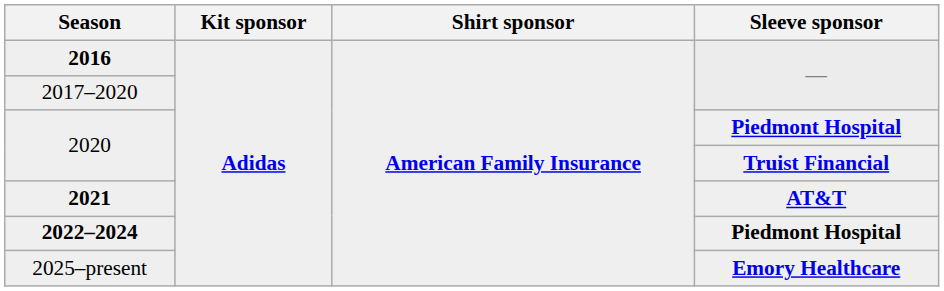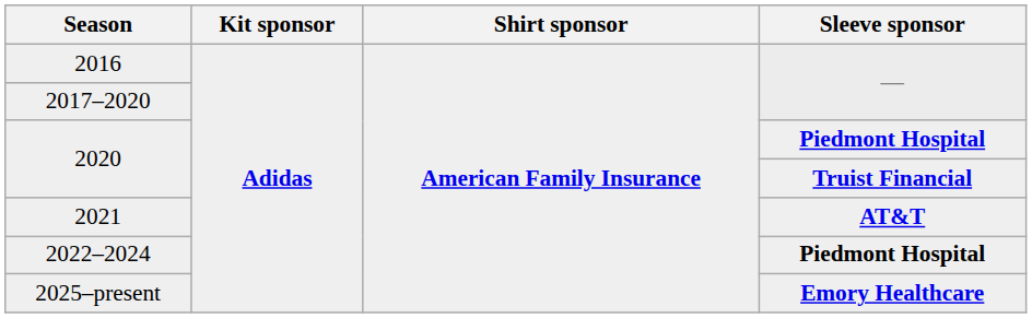 <table class="wikitable" mw-collapsible mw-collapsed" border="1" width="50%" cellpadding="2" cellspacing="0" border=" 1px solid" style="background: #efefef; border-collapse: collapse; font-size: 90%; text-align: center">
 <tr>
 <th>Season</th>
 <th>Kit sponsor</th>
 <th>Shirt sponsor</th>
 <th>Sleeve sponsor</th>
 </tr>
 <tr>
-<td><strong>2016</strong></td>
+<td>2016</td>
 <td rowspan="7"><strong><a href='#'>Adidas</a></strong></td>
 <td rowspan="7"><strong><a href='#'>American Family Insurance</a></strong></td>
 <td colspan="2" rowspan="2" style="background:#ececec; color:gray">—</td>
 </tr>
 <tr>
 <td>2017–2020</td>
 </tr>
 <tr>
 <td rowspan="2">2020</td>
 <td><strong><a href='#'>Piedmont Hospital</a></strong></td>
 </tr>
 <tr>
 <td><strong><a href='#'>Truist Financial</a></strong></td>
 </tr>
 <tr>
-<td><strong>2021</strong></td>
+<td>2021</td>
 <td><strong><a href='#'>AT&T</a></strong></td>
 </tr>
 <tr>
-<td><strong>2022–2024</strong></td>
+<td>2022–2024</td>
 <td><strong>Piedmont Hospital</strong></td>
 </tr>
 <tr>
 <td>2025–present</td>
 <td><strong><a href='#'>Emory Healthcare</a></strong></td>
 </tr>
 </table>
